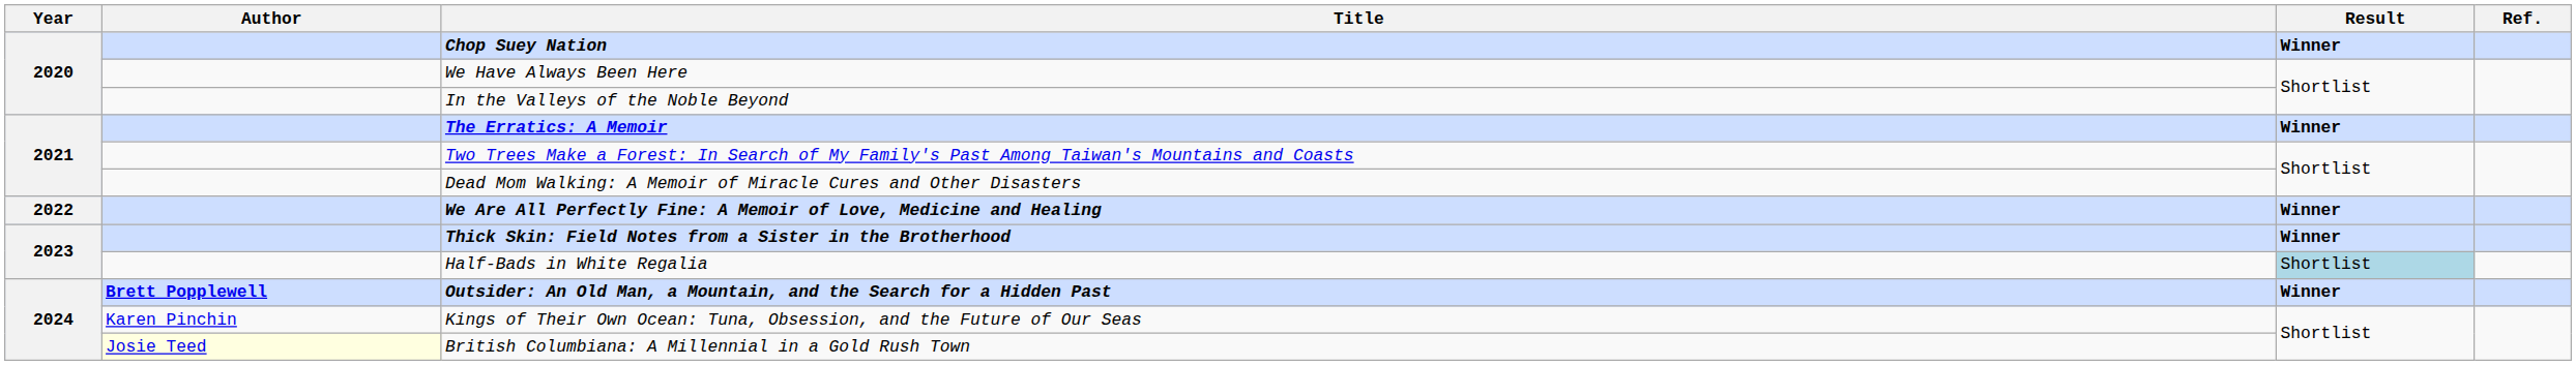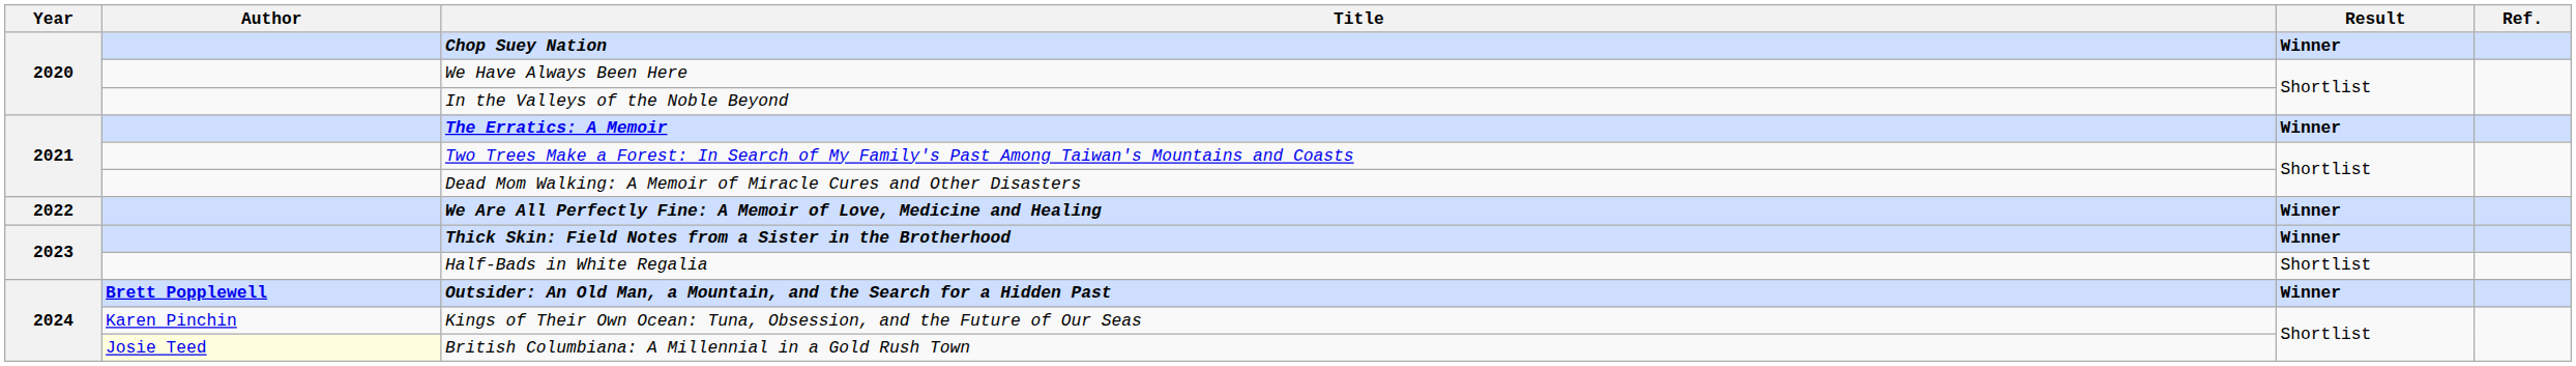 <table class="wikitable sortable mw-collapsible" width="100%">
 <tr>
 <th>Year</th>
 <th>Author</th>
 <th>Title</th>
 <th>Result</th>
 <th>Ref.</th>
 </tr>
 <tr style=background:#cddeff>
 <th rowspan="3">2020</th>
 <td><strong></strong></td>
 <td><strong><em>Chop Suey Nation</em></strong></td>
 <td><strong>Winner</strong></td>
 <td></td>
 </tr>
 <tr>
 <td></td>
 <td><em>We Have Always Been Here</em></td>
 <td rowspan="2">Shortlist</td>
 <td rowspan=2></td>
 </tr>
 <tr>
 <td></td>
 <td><em>In the Valleys of the Noble Beyond</em></td>
 </tr>
 <tr style=background:#cddeff>
 <th rowspan="3">2021</th>
 <td><strong></strong></td>
 <td><strong><em><a href='#'>The Erratics: A Memoir</a></em></strong></td>
 <td><strong>Winner</strong></td>
 <td></td>
 </tr>
 <tr>
 <td></td>
 <td><em><a href='#'>Two Trees Make a Forest: In Search of My Family's Past Among Taiwan's Mountains and Coasts</a></em></td>
 <td rowspan="2">Shortlist</td>
 <td rowspan=2></td>
 </tr>
 <tr>
 <td></td>
 <td><em>Dead Mom Walking: A Memoir of Miracle Cures and Other Disasters</em></td>
 </tr>
 <tr style=background:#cddeff>
 <th>2022</th>
 <td><strong></strong></td>
 <td><strong><em>We Are All Perfectly Fine: A Memoir of Love, Medicine and Healing</em></strong></td>
 <td><strong>Winner</strong></td>
 <td></td>
 </tr>
 <tr style=background:#cddeff>
 <th rowspan=2>2023</th>
 <td><strong></strong></td>
 <td><strong><em>Thick Skin: Field Notes from a Sister in the Brotherhood</em></strong></td>
 <td><strong>Winner</strong></td>
 <td></td>
 </tr>
 <tr>
 <td></td>
 <td><em>Half-Bads in White Regalia</em></td>
-<td style="background: lightblue;">Shortlist</td>
+<td>Shortlist</td>
 <td></td>
 </tr>
 <tr style=background:#cddeff>
 <th rowspan=3>2024</th>
 <td><strong><a href='#'>Brett Popplewell</a></strong></td>
 <td><strong><em>Outsider: An Old Man, a Mountain, and the Search for a Hidden Past</em></strong></td>
 <td><strong>Winner</strong></td>
 <td></td>
 </tr>
 <tr>
 <td><a href='#'>Karen Pinchin</a></td>
 <td><em>Kings of Their Own Ocean: Tuna, Obsession, and the Future of Our Seas</em></td>
 <td rowspan=2>Shortlist</td>
 <td rowspan=2></td>
 </tr>
 <tr>
 <td style="background: lightyellow;"><a href='#'>Josie Teed</a></td>
 <td><em>British Columbiana: A Millennial in a Gold Rush Town</em></td>
 </tr>
 </table>
